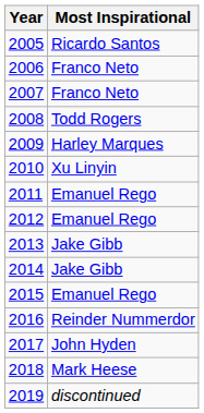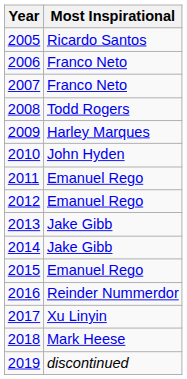 <table class="wikitable sortable" style="display:inline-table;">
 <tr>
 <th>Year</th>
 <th>Most Inspirational</th>
 </tr>
 <tr>
 <td><a href='#'>2005</a></td>
 <td> <a href='#'>Ricardo Santos</a></td>
 </tr>
 <tr>
 <td><a href='#'>2006</a></td>
 <td> <a href='#'>Franco Neto</a> </td>
 </tr>
 <tr>
 <td><a href='#'>2007</a></td>
 <td> <a href='#'>Franco Neto</a> </td>
 </tr>
 <tr>
 <td><a href='#'>2008</a></td>
 <td> <a href='#'>Todd Rogers</a></td>
 </tr>
 <tr>
 <td><a href='#'>2009</a></td>
 <td> <a href='#'>Harley Marques</a></td>
 </tr>
 <tr>
 <td><a href='#'>2010</a></td>
-<td> <a href='#'>Xu Linyin</a></td>
+<td> <a href='#'>John Hyden</a></td>
 </tr>
 <tr>
 <td><a href='#'>2011</a></td>
 <td> <a href='#'>Emanuel Rego</a> </td>
 </tr>
 <tr>
 <td><a href='#'>2012</a></td>
 <td> <a href='#'>Emanuel Rego</a> </td>
 </tr>
 <tr>
 <td><a href='#'>2013</a></td>
 <td> <a href='#'>Jake Gibb</a> </td>
 </tr>
 <tr>
 <td><a href='#'>2014</a></td>
 <td> <a href='#'>Jake Gibb</a> </td>
 </tr>
 <tr>
 <td><a href='#'>2015</a></td>
 <td> <a href='#'>Emanuel Rego</a> </td>
 </tr>
 <tr>
 <td><a href='#'>2016</a></td>
 <td> <a href='#'>Reinder Nummerdor</a></td>
 </tr>
 <tr>
 <td><a href='#'>2017</a></td>
-<td> <a href='#'>John Hyden</a></td>
+<td> <a href='#'>Xu Linyin</a></td>
 </tr>
 <tr>
 <td><a href='#'>2018</a></td>
 <td> <a href='#'>Mark Heese</a></td>
 </tr>
 <tr>
 <td><a href='#'>2019</a></td>
 <td><em>discontinued</em></td>
 </tr>
 </table>
